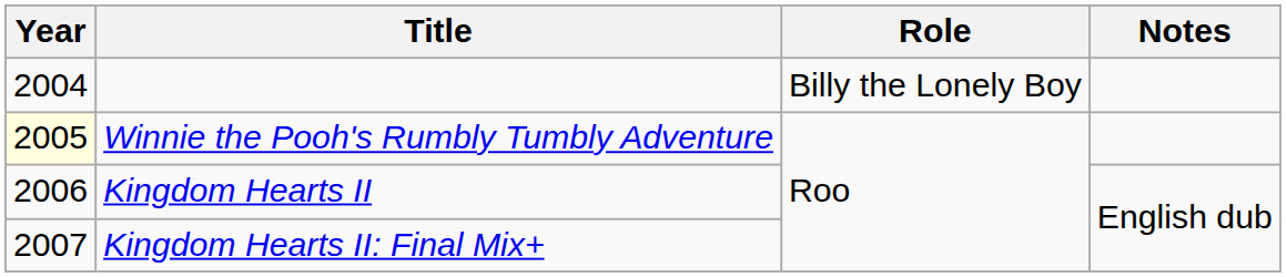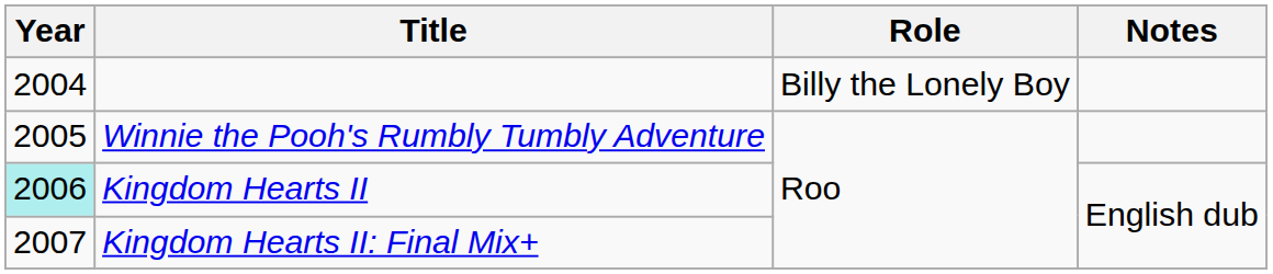 <table class="wikitable sortable">
 <tr>
 <th>Year</th>
 <th>Title</th>
 <th>Role</th>
 <th class="unsortable">Notes</th>
 </tr>
 <tr>
 <td>2004</td>
 <td><em></em></td>
 <td>Billy the Lonely Boy</td>
 <td></td>
 </tr>
 <tr>
-<td style="background: lightyellow;">2005</td>
+<td>2005</td>
 <td><em><a href='#'>Winnie the Pooh's Rumbly Tumbly Adventure</a></em></td>
 <td rowspan="3">Roo</td>
 <td></td>
 </tr>
 <tr>
-<td>2006</td>
+<td style="background: paleturquoise;">2006</td>
 <td><em><a href='#'>Kingdom Hearts II</a></em></td>
 <td rowspan="2">English dub</td>
 </tr>
 <tr>
 <td>2007</td>
 <td><em><a href='#'>Kingdom Hearts II: Final Mix+</a></em></td>
 </tr>
 </table>
